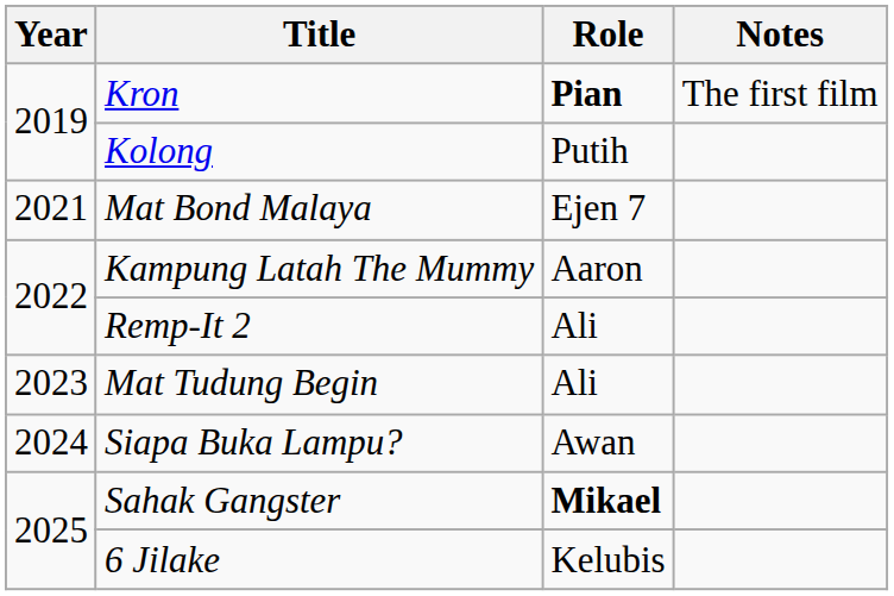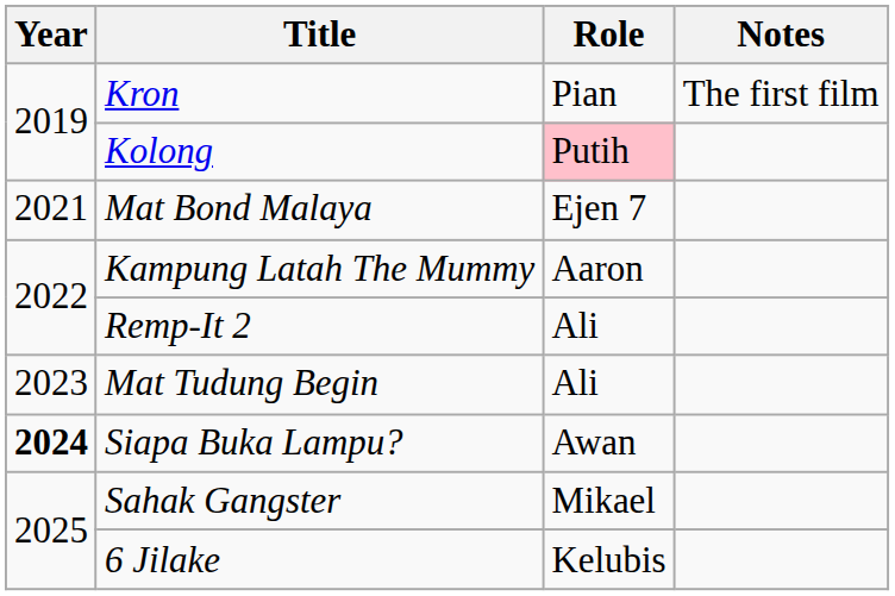 <table class="wikitable">
 <tr>
 <th>Year</th>
 <th>Title</th>
 <th>Role</th>
 <th>Notes</th>
 </tr>
 <tr>
 <td rowspan="2">2019</td>
 <td><em><a href='#'>Kron</a></em></td>
-<td><strong>Pian</strong></td>
+<td>Pian</td>
 <td>The first film</td>
 </tr>
 <tr>
 <td><em><a href='#'>Kolong</a></em></td>
-<td>Putih</td>
+<td style="background: pink;">Putih</td>
 <td></td>
 </tr>
 <tr>
 <td>2021</td>
 <td><em>Mat Bond Malaya</em></td>
 <td>Ejen 7</td>
 <td></td>
 </tr>
 <tr>
 <td rowspan="2">2022</td>
 <td><em>Kampung Latah The Mummy</em></td>
 <td>Aaron</td>
 <td></td>
 </tr>
 <tr>
 <td><em>Remp-It 2</em></td>
 <td>Ali</td>
 <td></td>
 </tr>
 <tr>
 <td>2023</td>
 <td><em>Mat Tudung Begin</em></td>
 <td>Ali</td>
 <td></td>
 </tr>
 <tr>
-<td>2024</td>
+<td><strong>2024</strong></td>
 <td><em>Siapa Buka Lampu?</em></td>
 <td>Awan</td>
 <td></td>
 </tr>
 <tr>
 <td rowspan="2">2025</td>
 <td><em>Sahak Gangster</em></td>
-<td><strong>Mikael</strong></td>
+<td>Mikael</td>
 <td></td>
 </tr>
 <tr>
 <td><em>6 Jilake</em></td>
 <td>Kelubis</td>
 <td></td>
 </tr>
 </table>
